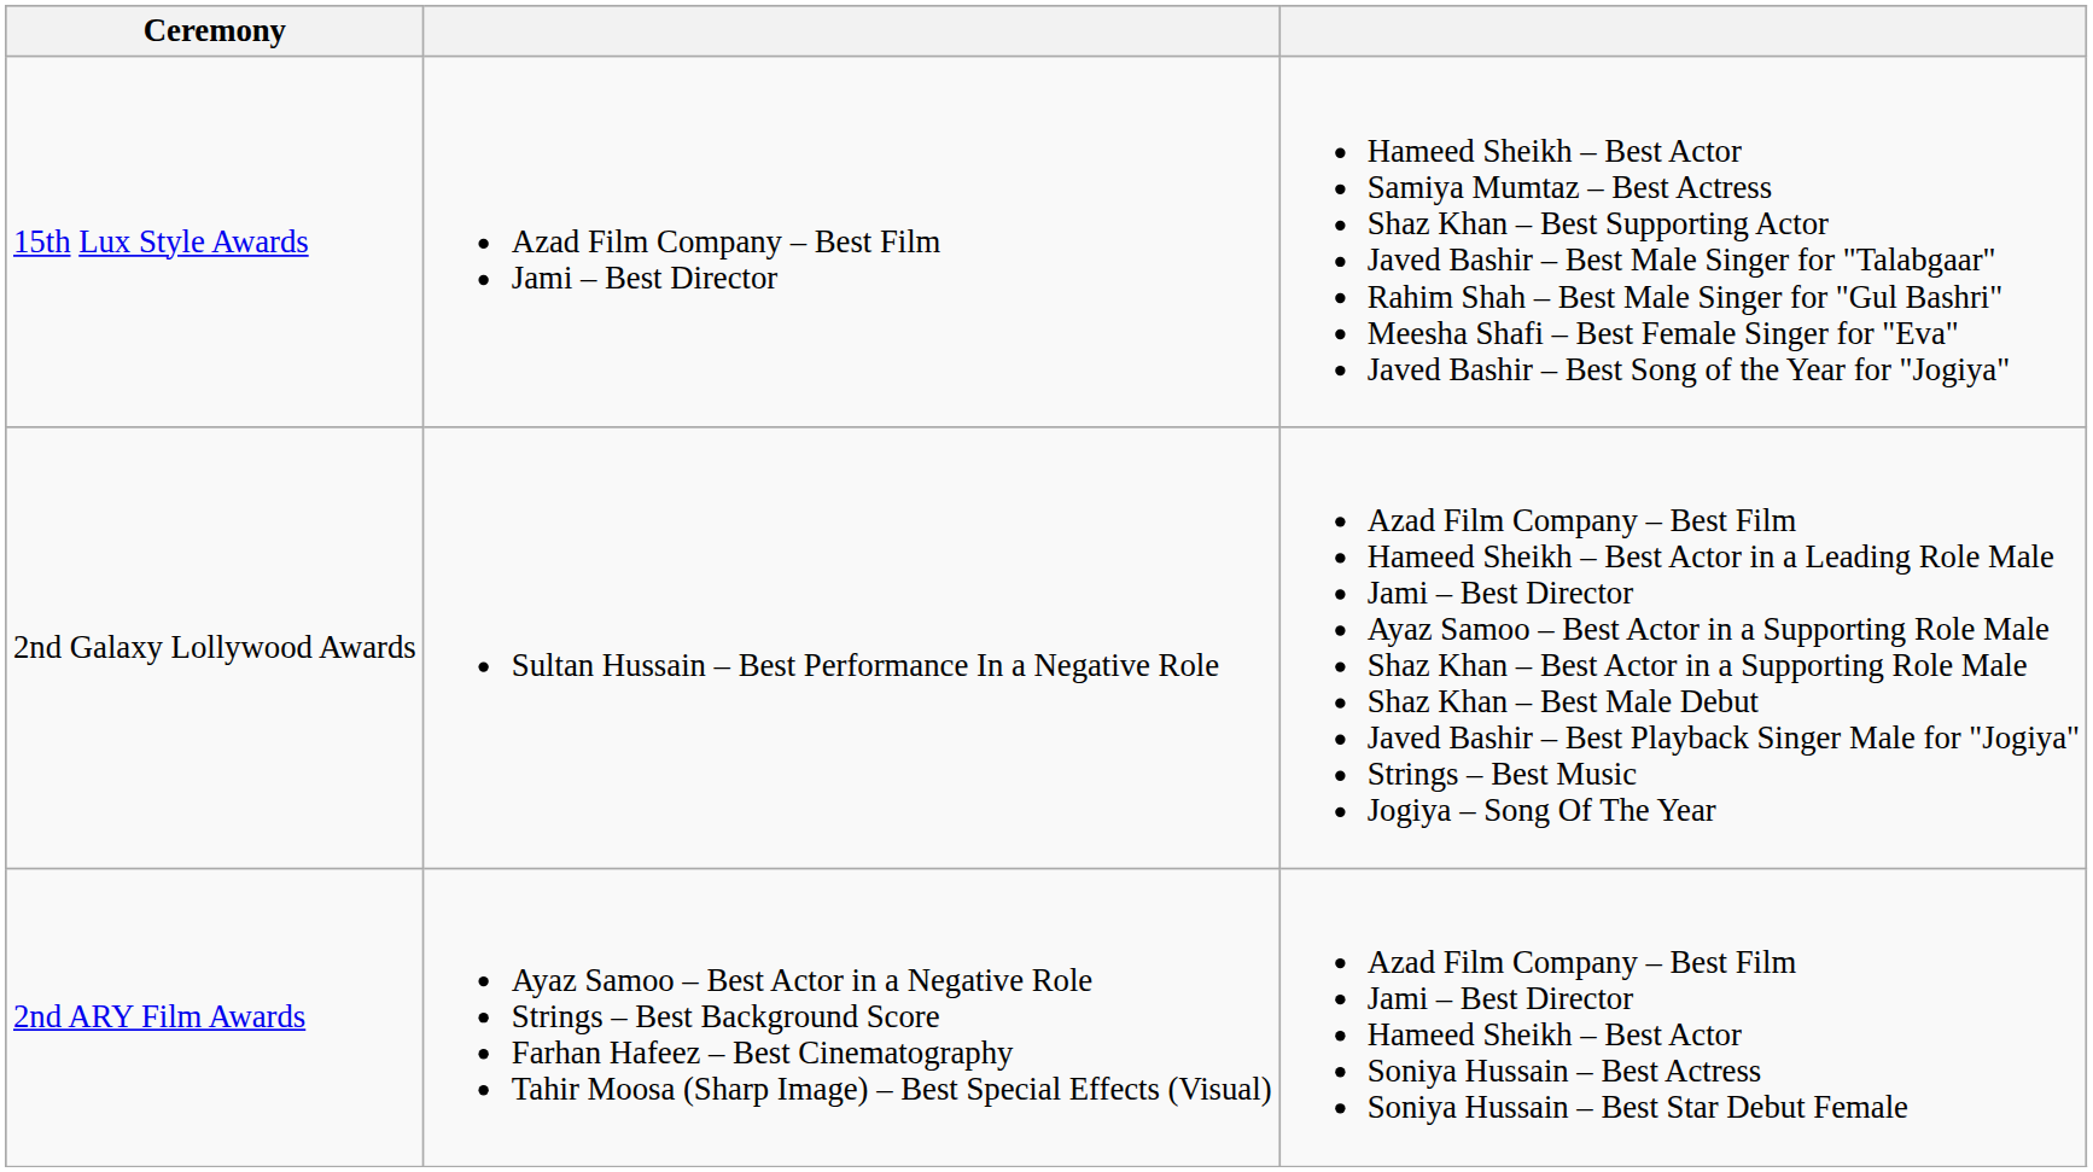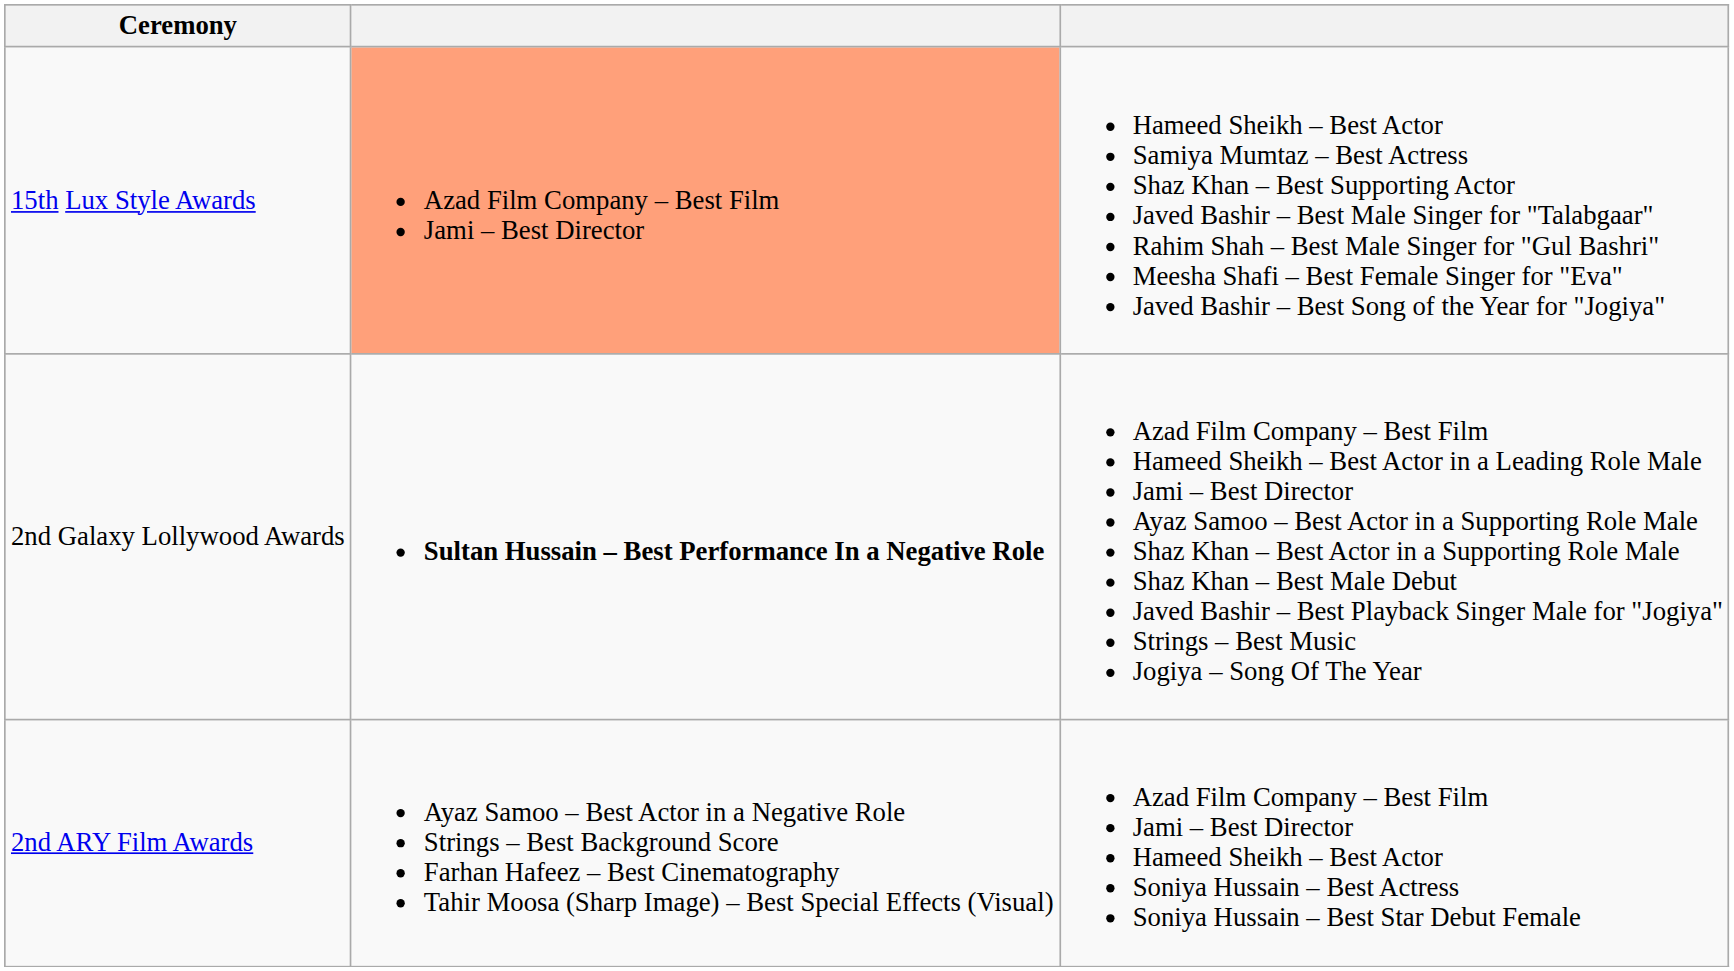 <table class="wikitable">
 <tr>
 <th>Ceremony</th>
 <th></th>
 <th></th>
 </tr>
 <tr>
 <td><a href='#'>15th</a> <a href='#'>Lux Style Awards</a><br></td>
-<td><br><ul><li>Azad Film Company – Best Film</li><li>Jami – Best Director</li></ul></td>
+<td style="background: lightsalmon;"><br><ul><li>Azad Film Company – Best Film</li><li>Jami – Best Director</li></ul></td>
 <td><br><ul><li>Hameed Sheikh – Best Actor</li><li>Samiya Mumtaz – Best Actress</li><li>Shaz Khan – Best Supporting Actor</li><li>Javed Bashir – Best Male Singer for "Talabgaar"</li><li>Rahim Shah – Best Male Singer for "Gul Bashri"</li><li>Meesha Shafi – Best Female Singer for "Eva"</li><li>Javed Bashir – Best Song of the Year for "Jogiya"</li></ul></td>
 </tr>
 <tr>
 <td>2nd Galaxy Lollywood Awards</td>
-<td><br><ul><li>Sultan Hussain – Best Performance In a Negative Role</li></ul></td>
+<td><strong><br><ul><li>Sultan Hussain – Best Performance In a Negative Role</li></ul></strong></td>
 <td><br><ul><li>Azad Film Company – Best Film</li><li>Hameed Sheikh – Best Actor in a Leading Role Male</li><li>Jami – Best Director</li><li>Ayaz Samoo – Best Actor in a Supporting Role Male</li><li>Shaz Khan – Best Actor in a Supporting Role Male</li><li>Shaz Khan – Best Male Debut</li><li>Javed Bashir – Best Playback Singer Male for "Jogiya"</li><li>Strings – Best Music</li><li>Jogiya – Song Of The Year</li></ul></td>
 </tr>
 <tr>
 <td><a href='#'>2nd ARY Film Awards</a></td>
 <td><br><ul><li>Ayaz Samoo – Best Actor in a Negative Role</li><li>Strings – Best Background Score</li><li>Farhan Hafeez – Best Cinematography</li><li>Tahir Moosa (Sharp Image) – Best Special Effects (Visual)</li></ul></td>
 <td><br><ul><li>Azad Film Company – Best Film</li><li>Jami – Best Director</li><li>Hameed Sheikh – Best Actor</li><li>Soniya Hussain – Best Actress</li><li>Soniya Hussain – Best Star Debut Female</li></ul></td>
 </tr>
 <tr>
 </tr>
 </table>
